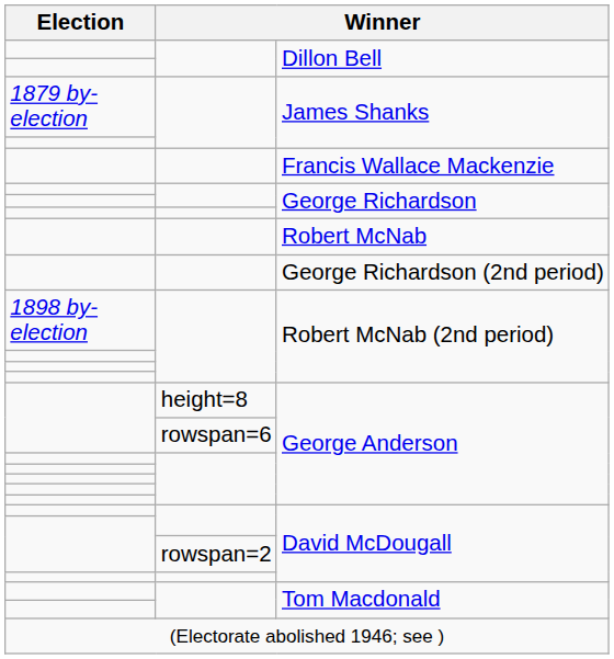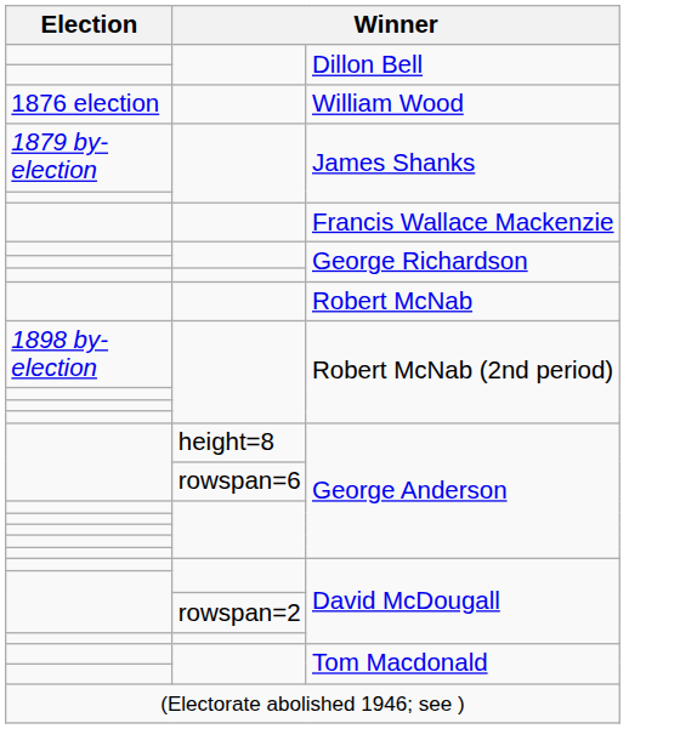 <table class="wikitable">
 <tr>
 <th width=100>Election</th>
 <th width=175 colspan=2>Winner</th>
 </tr>
 <tr>
 <td></td>
 <td width=5 rowspan=2 bgcolor=></td>
 <td rowspan=2><a href='#'>Dillon Bell</a></td>
 </tr>
 <tr>
 <td></td>
+</tr>
+<tr>
+<td><a href='#'>1876 election</a></td>
+<td rowspan=1 bgcolor=></td>
+<td rowspan=1><a href='#'>William Wood</a></td>
 </tr>
 <tr>
 <td><span><em><a href='#'>1879 by-election</a></em></span></td>
 <td rowspan=2 bgcolor=></td>
 <td rowspan=2><a href='#'>James Shanks</a></td>
 </tr>
 <tr>
 <td></td>
 </tr>
 <tr>
 <td></td>
 <td rowspan=1 bgcolor=></td>
 <td rowspan=1><a href='#'>Francis Wallace Mackenzie</a></td>
 </tr>
 <tr>
 <td></td>
 <td rowspan=2 bgcolor=></td>
 <td rowspan=3><a href='#'>George Richardson</a></td>
 </tr>
 <tr>
 <td></td>
 </tr>
 <tr>
 <td></td>
 <td rowspan=1 bgcolor=></td>
 </tr>
 <tr>
 <td></td>
 <td rowspan=1 bgcolor=></td>
 <td rowspan=1><a href='#'>Robert McNab</a></td>
-</tr>
-<tr>
-<td></td>
-<td rowspan=1 bgcolor=></td>
-<td rowspan=1>George Richardson (2nd period)</td>
 </tr>
 <tr>
 <td><span><em><a href='#'>1898 by-election</a></em></span></td>
 <td rowspan=4 bgcolor=></td>
 <td rowspan=4>Robert McNab (2nd period)</td>
 </tr>
 <tr>
 <td></td>
 </tr>
 <tr>
 <td></td>
 </tr>
 <tr>
 <td></td>
 </tr>
 <tr>
 <td rowspan=2></td>
 <td>height=8 </td>
 <td rowspan=7><a href='#'>George Anderson</a></td>
 </tr>
 <tr>
 <td>rowspan=6 </td>
 </tr>
 <tr>
 <td></td>
 </tr>
 <tr>
 <td></td>
 </tr>
 <tr>
 <td></td>
 </tr>
 <tr>
 <td></td>
 </tr>
 <tr>
 <td></td>
 </tr>
 <tr>
 <td></td>
 <td style="border-bottom:solid 0 grey; background:"></td>
 <td rowspan=4><a href='#'>David McDougall</a></td>
 </tr>
 <tr>
 <td rowspan=2></td>
 <td height=8 style="border-top:solid 0 grey; background:"></td>
 </tr>
 <tr>
 <td>rowspan=2 </td>
 </tr>
 <tr>
 <td></td>
 </tr>
 <tr>
 <td></td>
 <td rowspan=2 bgcolor=></td>
 <td rowspan=2><a href='#'>Tom Macdonald</a></td>
 </tr>
 <tr>
 <td></td>
 </tr>
 <tr>
 <td colspan=3 align=center><small>(Electorate abolished 1946; see )</small></td>
 </tr>
 </table>
